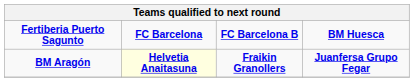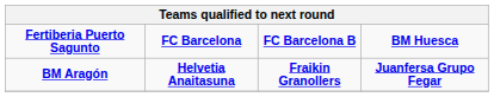 <table class="wikitable" style="text-align: center; margin: 0 auto;">
 <tr>
 <th colspan="4">Teams qualified to next round</th>
 </tr>
 <tr>
 <td><strong><a href='#'>Fertiberia Puerto Sagunto</a></strong></td>
 <td><strong><a href='#'>FC Barcelona</a></strong></td>
 <td><strong><a href='#'>FC Barcelona B</a></strong></td>
 <td><strong><a href='#'>BM Huesca</a></strong></td>
 </tr>
 <tr>
 <td><strong><a href='#'>BM Aragón</a></strong></td>
-<td style="background: lightyellow;"><strong><a href='#'>Helvetia Anaitasuna</a></strong></td>
+<td><strong><a href='#'>Helvetia Anaitasuna</a></strong></td>
 <td><strong><a href='#'>Fraikin Granollers</a></strong></td>
 <td><strong><a href='#'>Juanfersa Grupo Fegar</a></strong></td>
 </tr>
 <tr>
 </tr>
 </table>
